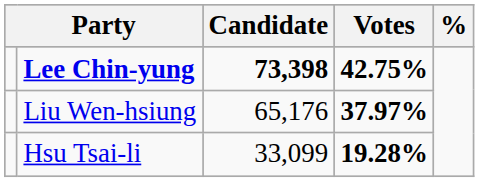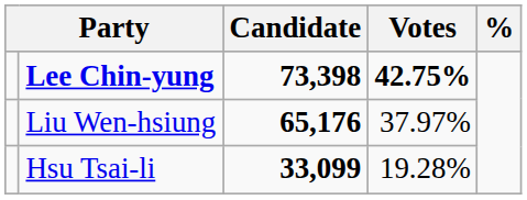 <table class="wikitable">
 <tr>
 <th colspan="2">Party</th>
 <th>Candidate</th>
 <th>Votes</th>
 <th>%</th>
 </tr>
 <tr>
 <td></td>
 <td><strong><a href='#'>Lee Chin-yung</a></strong></td>
 <td align="right"><strong>73,398</strong></td>
 <td align="right"><strong>42.75%</strong></td>
 </tr>
 <tr>
 <td></td>
 <td><a href='#'>Liu Wen-hsiung</a></td>
-<td align="right">65,176</td>
-<td align="right"><strong>37.97%</strong></td>
+<td align="right"><strong>65,176</strong></td>
+<td align="right">37.97%</td>
 </tr>
 <tr>
 <td></td>
 <td><a href='#'>Hsu Tsai-li</a></td>
-<td align="right">33,099</td>
-<td align="right"><strong>19.28%</strong></td>
+<td align="right"><strong>33,099</strong></td>
+<td align="right">19.28%</td>
 </tr>
 </table>
